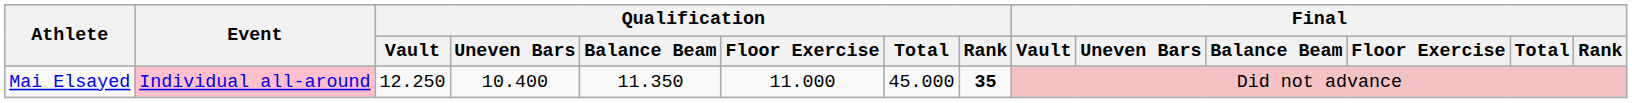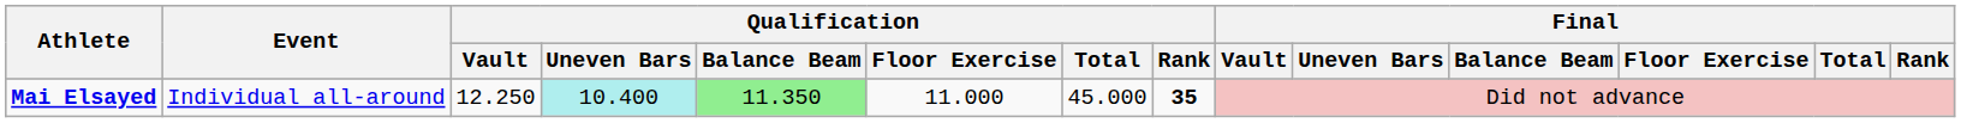 <table class="wikitable" border="1" style="font-size:90%">
 <tr>
 <th rowspan=2>Athlete</th>
 <th rowspan=2>Event</th>
 <th colspan=6>Qualification</th>
 <th colspan=6>Final</th>
 </tr>
 <tr>
 <th>Vault</th>
 <th>Uneven Bars</th>
 <th>Balance Beam</th>
 <th>Floor Exercise</th>
 <th>Total</th>
 <th>Rank</th>
 <th>Vault</th>
 <th>Uneven Bars</th>
 <th>Balance Beam</th>
 <th>Floor Exercise</th>
 <th>Total</th>
 <th>Rank</th>
 </tr>
 <tr>
-<td><a href='#'>Mai Elsayed</a></td>
-<td style="background: pink;"><a href='#'>Individual all-around</a></td>
+<td><strong><a href='#'>Mai Elsayed</a></strong></td>
+<td><a href='#'>Individual all-around</a></td>
 <td align=center>12.250</td>
-<td align=center>10.400</td>
-<td align=center>11.350</td>
+<td align=center style="background: paleturquoise;">10.400</td>
+<td align=center style="background: lightgreen;">11.350</td>
 <td align=center>11.000</td>
 <td align=center>45.000</td>
 <td align=center><strong>35</strong></td>
 <td bgcolor="f4c2c2" colspan=6 align=center>Did not advance</td>
 </tr>
 </table>
